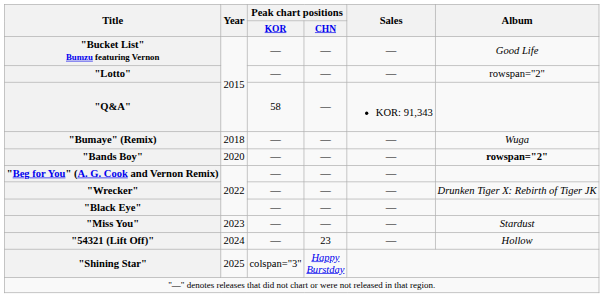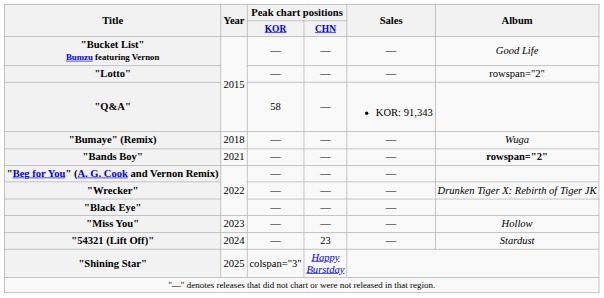 <table class="wikitable plainrowheaders sortable" style="text-align:center; width;100%">
 <tr>
 <th rowspan="2" scope="col">Title</th>
 <th rowspan="2" scope="col">Year</th>
 <th colspan="2">Peak chart positions</th>
 <th rowspan="2">Sales</th>
 <th rowspan="2" scope="col">Album</th>
 </tr>
 <tr>
 <th scope="col" style="width:2.7em;font-size:90%"><a href='#'>KOR</a><br></th>
 <th scope="col" style="font-size:90%; width:2.6em"><a href='#'>CHN</a><br></th>
 </tr>
 <tr>
 <th scope="row">"Bucket List" <br><small><a href='#'>Bumzu</a> featuring Vernon</small></th>
 <td rowspan="3">2015</td>
 <td>—</td>
 <td>—</td>
 <td>—</td>
 <td><em>Good Life</em></td>
 </tr>
 <tr>
 <th scope="row">"Lotto"<br></th>
 <td>—</td>
 <td>—</td>
 <td>—</td>
 <td>rowspan="2" </td>
 </tr>
 <tr>
 <th scope="row">"Q&A" <br></th>
 <td>58</td>
 <td>—</td>
 <td><br><ul><li>KOR: 91,343</li></ul></td>
 </tr>
 <tr>
 <th scope="row">"Bumaye" (Remix) <br></th>
 <td>2018</td>
 <td>—</td>
 <td>—</td>
 <td>—</td>
 <td><em>Wuga</em></td>
 </tr>
 <tr>
 <th scope="row">"Bands Boy"</th>
-<td>2020</td>
+<td>2021</td>
 <td>—</td>
 <td>—</td>
 <td>—</td>
 <td><strong>rowspan="2" </strong></td>
 </tr>
 <tr>
 <th scope="row">"<a href='#'>Beg for You</a>" (<a href='#'>A. G. Cook</a> and Vernon Remix) <br></th>
 <td rowspan="3">2022</td>
 <td>—</td>
 <td>—</td>
 <td>—</td>
 </tr>
 <tr>
 <th scope="row">"Wrecker" <br></th>
 <td>—</td>
 <td>—</td>
 <td>—</td>
 <td><em>Drunken Tiger X: Rebirth of Tiger JK</em></td>
 </tr>
 <tr>
 <th scope="row">"Black Eye"</th>
 <td>—</td>
 <td>—</td>
 <td>—</td>
 <td></td>
 </tr>
 <tr>
 <th scope="row">"Miss You"<br></th>
 <td>2023</td>
 <td>—</td>
 <td>—</td>
 <td>—</td>
-<td><em>Stardust</em></td>
+<td><em>Hollow</em></td>
 </tr>
 <tr>
 <th scope="row">"54321 (Lift Off)"<br></th>
 <td>2024</td>
 <td>—</td>
 <td>23</td>
 <td>—</td>
-<td><em>Hollow</em></td>
+<td><em>Stardust</em></td>
 </tr>
 <tr>
 <th scope="row">"Shining Star"</th>
 <td>2025</td>
 <td>colspan="3" </td>
 <td><em><a href='#'>Happy Burstday</a></em></td>
 </tr>
 <tr>
 <td colspan="7" style="font-size:85%">"—" denotes releases that did not chart or were not released in that region.</td>
 </tr>
 </table>
